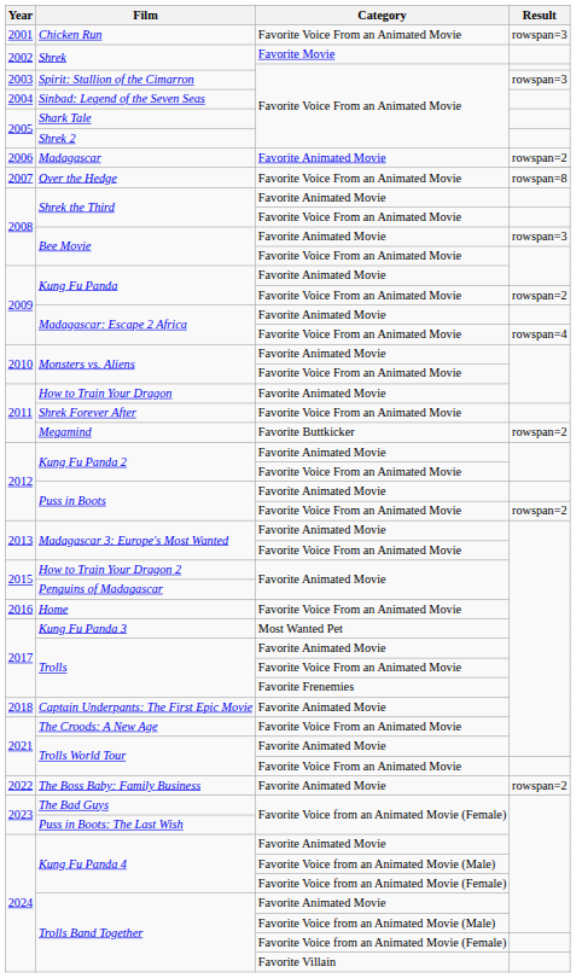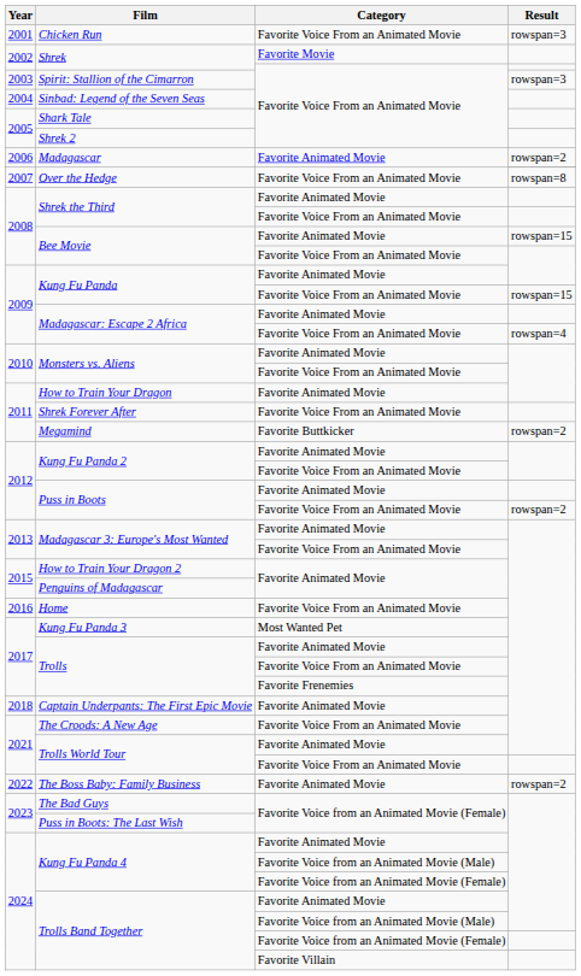 <table class="wikitable">
 <tr>
 <th>Year</th>
 <th>Film</th>
 <th>Category</th>
 <th>Result</th>
 </tr>
 <tr>
 <td><a href='#'>2001</a></td>
 <td><em><a href='#'>Chicken Run</a></em></td>
 <td>Favorite Voice From an Animated Movie</td>
 <td>rowspan=3 </td>
 </tr>
 <tr>
 <td rowspan=2><a href='#'>2002</a></td>
 <td rowspan=2><em><a href='#'>Shrek</a></em></td>
 <td><a href='#'>Favorite Movie</a></td>
 </tr>
 <tr>
 <td rowspan=5>Favorite Voice From an Animated Movie</td>
 <td></td>
 </tr>
 <tr>
 <td><a href='#'>2003</a></td>
 <td><em><a href='#'>Spirit: Stallion of the Cimarron</a></em></td>
 <td>rowspan=3 </td>
 </tr>
 <tr>
 <td><a href='#'>2004</a></td>
 <td><em><a href='#'>Sinbad: Legend of the Seven Seas</a></em></td>
 </tr>
 <tr>
 <td rowspan=2><a href='#'>2005</a></td>
 <td><em><a href='#'>Shark Tale</a></em></td>
 <td></td>
 </tr>
 <tr>
 <td><em><a href='#'>Shrek 2</a></em></td>
 <td></td>
 </tr>
 <tr>
 <td rowspan=2><a href='#'>2006</a></td>
 <td rowspan=2><em><a href='#'>Madagascar</a></em></td>
 <td><a href='#'>Favorite Animated Movie</a></td>
 <td>rowspan=2 </td>
 </tr>
 <tr>
 <td rowspan=2>Favorite Voice From an Animated Movie</td>
 </tr>
 <tr>
 <td><a href='#'>2007</a></td>
 <td><em><a href='#'>Over the Hedge</a></em></td>
 <td>rowspan=8 </td>
 </tr>
 <tr>
 <td rowspan=4><a href='#'>2008</a></td>
 <td rowspan=2><em><a href='#'>Shrek the Third</a></em></td>
 <td>Favorite Animated Movie</td>
 </tr>
 <tr>
 <td>Favorite Voice From an Animated Movie</td>
 <td></td>
 </tr>
 <tr>
 <td rowspan=2><em><a href='#'>Bee Movie</a></em></td>
 <td>Favorite Animated Movie</td>
-<td>rowspan=3 </td>
+<td>rowspan=15 </td>
 </tr>
 <tr>
 <td>Favorite Voice From an Animated Movie</td>
 </tr>
 <tr>
 <td rowspan=4><a href='#'>2009</a></td>
 <td rowspan=2><em><a href='#'>Kung Fu Panda</a></em></td>
 <td>Favorite Animated Movie</td>
 </tr>
 <tr>
 <td>Favorite Voice From an Animated Movie</td>
-<td>rowspan=2 </td>
+<td>rowspan=15 </td>
 </tr>
 <tr>
 <td rowspan=2><em><a href='#'>Madagascar: Escape 2 Africa</a></em></td>
 <td>Favorite Animated Movie</td>
 </tr>
 <tr>
 <td>Favorite Voice From an Animated Movie</td>
 <td>rowspan=4 </td>
 </tr>
 <tr>
 <td rowspan=2><a href='#'>2010</a></td>
 <td rowspan=2><em><a href='#'>Monsters vs. Aliens</a></em></td>
 <td>Favorite Animated Movie</td>
 </tr>
 <tr>
 <td>Favorite Voice From an Animated Movie</td>
 </tr>
 <tr>
 <td rowspan=3><a href='#'>2011</a></td>
 <td><em><a href='#'>How to Train Your Dragon</a></em></td>
 <td>Favorite Animated Movie</td>
 </tr>
 <tr>
 <td><em><a href='#'>Shrek Forever After</a></em></td>
 <td>Favorite Voice From an Animated Movie</td>
 <td></td>
 </tr>
 <tr>
 <td><em><a href='#'>Megamind</a></em></td>
 <td>Favorite Buttkicker</td>
 <td>rowspan=2 </td>
 </tr>
 <tr>
 <td rowspan=4><a href='#'>2012</a></td>
 <td rowspan=2><em><a href='#'>Kung Fu Panda 2</a></em></td>
 <td>Favorite Animated Movie</td>
 </tr>
 <tr>
 <td>Favorite Voice From an Animated Movie</td>
 </tr>
 <tr>
 <td rowspan=2><em><a href='#'>Puss in Boots</a></em></td>
 <td>Favorite Animated Movie</td>
 <td></td>
 </tr>
 <tr>
 <td>Favorite Voice From an Animated Movie</td>
 <td>rowspan=2 </td>
 </tr>
 <tr>
 <td rowspan=2><a href='#'>2013</a></td>
 <td rowspan=2><em><a href='#'>Madagascar 3: Europe's Most Wanted</a></em></td>
 <td>Favorite Animated Movie</td>
 </tr>
 <tr>
 <td>Favorite Voice From an Animated Movie</td>
 </tr>
 <tr>
 <td rowspan=2><a href='#'>2015</a></td>
 <td><em><a href='#'>How to Train Your Dragon 2</a></em></td>
 <td rowspan=3>Favorite Animated Movie</td>
 </tr>
 <tr>
 <td><em><a href='#'>Penguins of Madagascar</a></em></td>
 </tr>
 <tr>
 <td rowspan=2><a href='#'>2016</a></td>
 <td rowspan=2><em><a href='#'>Home</a></em></td>
 </tr>
 <tr>
 <td>Favorite Voice From an Animated Movie</td>
 </tr>
 <tr>
 <td rowspan=4><a href='#'>2017</a></td>
 <td><em><a href='#'>Kung Fu Panda 3</a></em></td>
 <td>Most Wanted Pet</td>
 </tr>
 <tr>
 <td rowspan=3><em><a href='#'>Trolls</a></em></td>
 <td>Favorite Animated Movie</td>
 </tr>
 <tr>
 <td>Favorite Voice From an Animated Movie</td>
 </tr>
 <tr>
 <td>Favorite Frenemies</td>
 </tr>
 <tr>
 <td><a href='#'>2018</a></td>
 <td><em><a href='#'>Captain Underpants: The First Epic Movie</a></em></td>
 <td rowspan=2>Favorite Animated Movie</td>
 </tr>
 <tr>
 <td rowspan=4><a href='#'>2021</a></td>
 <td rowspan=2><em><a href='#'>The Croods: A New Age</a></em></td>
 </tr>
 <tr>
 <td>Favorite Voice From an Animated Movie</td>
 </tr>
 <tr>
 <td rowspan=2><em><a href='#'>Trolls World Tour</a></em></td>
 <td>Favorite Animated Movie</td>
 </tr>
 <tr>
 <td>Favorite Voice From an Animated Movie</td>
 <td></td>
 </tr>
 <tr>
 <td><a href='#'>2022</a></td>
 <td><em><a href='#'>The Boss Baby: Family Business</a></em></td>
 <td>Favorite Animated Movie</td>
 <td>rowspan=2 </td>
 </tr>
 <tr>
 <td rowspan=2><a href='#'>2023</a></td>
 <td><em><a href='#'>The Bad Guys</a></em></td>
 <td rowspan=2>Favorite Voice from an Animated Movie (Female)</td>
 </tr>
 <tr>
 <td><em><a href='#'>Puss in Boots: The Last Wish</a></em></td>
 </tr>
 <tr>
 <td rowspan=7><a href='#'>2024</a></td>
 <td rowspan=3><em><a href='#'>Kung Fu Panda 4</a></em></td>
 <td>Favorite Animated Movie</td>
 </tr>
 <tr>
 <td>Favorite Voice from an Animated Movie (Male)</td>
 </tr>
 <tr>
 <td>Favorite Voice from an Animated Movie (Female)</td>
 </tr>
 <tr>
 <td rowspan=4><em><a href='#'>Trolls Band Together</a></em></td>
 <td>Favorite Animated Movie</td>
 </tr>
 <tr>
 <td>Favorite Voice from an Animated Movie (Male)</td>
 </tr>
 <tr>
 <td>Favorite Voice from an Animated Movie (Female)</td>
 <td></td>
 </tr>
 <tr>
 <td>Favorite Villain</td>
 <td></td>
 </tr>
 </table>
